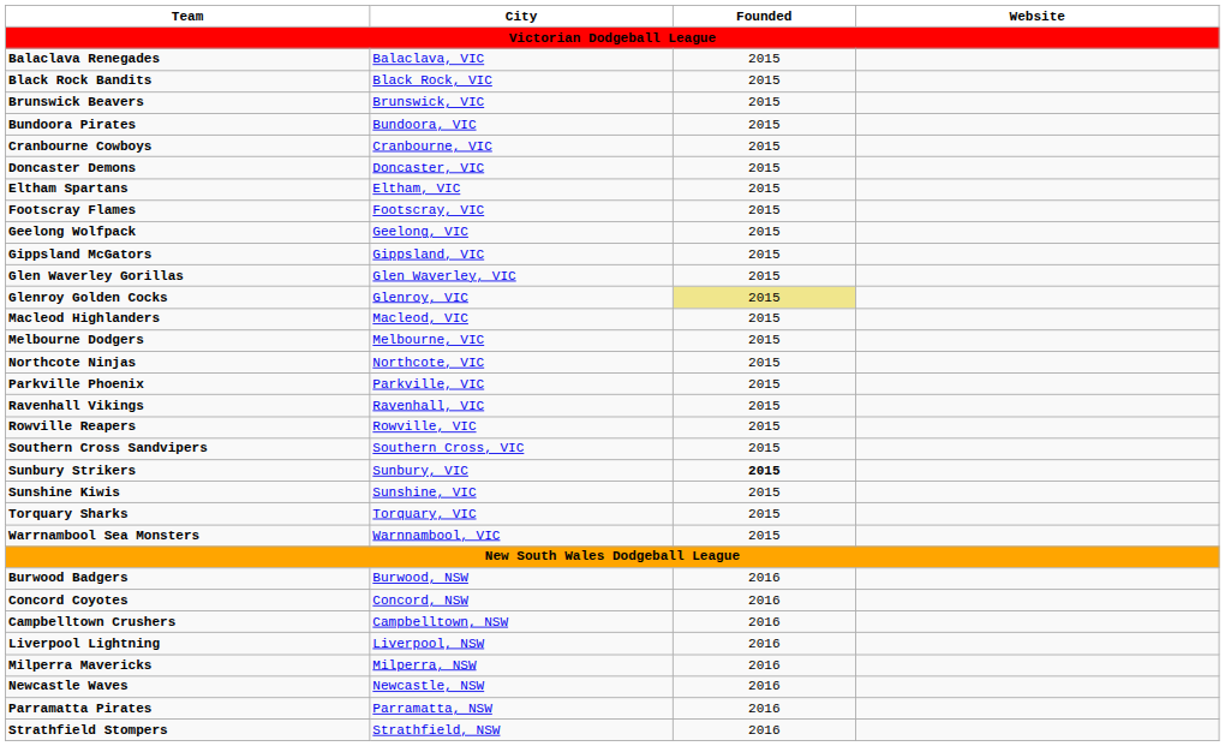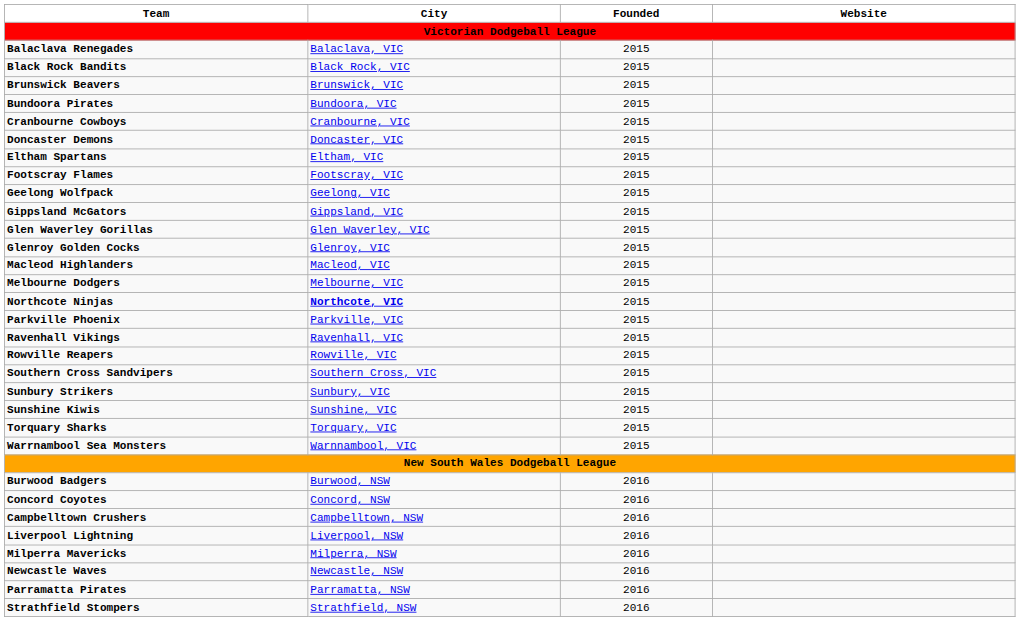 <table style="width:60%; text-align:left" class="wikitable">
 <tr>
 <th style="background:white; width:30%">Team</th>
 <th style="background:white; width:25%">City</th>
 <th style="background:white; width:15%">Founded</th>
 <th style="background:white; width:30%">Website</th>
 </tr>
 <tr>
 <th style="background-color:red" colspan="6"><span>Victorian Dodgeball League</span></th>
 </tr>
 <tr>
 <td><strong>Balaclava Renegades</strong></td>
 <td><a href='#'>Balaclava, VIC</a></td>
 <td align="center">2015</td>
 <td></td>
 </tr>
 <tr>
 <td><strong>Black Rock Bandits</strong></td>
 <td><a href='#'>Black Rock, VIC</a></td>
 <td align="center">2015</td>
 <td></td>
 </tr>
 <tr>
 <td><strong>Brunswick Beavers</strong></td>
 <td><a href='#'>Brunswick, VIC</a></td>
 <td align="center">2015</td>
 <td></td>
 </tr>
 <tr>
 <td><strong>Bundoora Pirates</strong></td>
 <td><a href='#'>Bundoora, VIC</a></td>
 <td align="center">2015</td>
 <td></td>
 </tr>
 <tr>
 <td><strong>Cranbourne Cowboys</strong></td>
 <td><a href='#'>Cranbourne, VIC</a></td>
 <td align="center">2015</td>
 <td></td>
 </tr>
 <tr>
 <td><strong>Doncaster Demons</strong></td>
 <td><a href='#'>Doncaster, VIC</a></td>
 <td align="center">2015</td>
 <td></td>
 </tr>
 <tr>
 <td><strong>Eltham Spartans</strong></td>
 <td><a href='#'>Eltham, VIC</a></td>
 <td align="center">2015</td>
 <td></td>
 </tr>
 <tr>
 <td><strong>Footscray Flames</strong></td>
 <td><a href='#'>Footscray, VIC</a></td>
 <td align="center">2015</td>
 <td></td>
 </tr>
 <tr>
 <td><strong>Geelong Wolfpack</strong></td>
 <td><a href='#'>Geelong, VIC</a></td>
 <td align="center">2015</td>
 <td></td>
 </tr>
 <tr>
 <td><strong>Gippsland McGators</strong></td>
 <td><a href='#'>Gippsland, VIC</a></td>
 <td align="center">2015</td>
 <td></td>
 </tr>
 <tr>
 <td><strong>Glen Waverley Gorillas</strong></td>
 <td><a href='#'>Glen Waverley, VIC</a></td>
 <td align="center">2015</td>
 <td></td>
 </tr>
 <tr>
 <td><strong>Glenroy Golden Cocks</strong></td>
 <td><a href='#'>Glenroy, VIC</a></td>
-<td align="center" style="background: khaki;">2015</td>
+<td align="center">2015</td>
 <td></td>
 </tr>
 <tr>
 <td><strong>Macleod Highlanders</strong></td>
 <td><a href='#'>Macleod, VIC</a></td>
 <td align="center">2015</td>
 <td></td>
 </tr>
 <tr>
 <td><strong>Melbourne Dodgers</strong></td>
 <td><a href='#'>Melbourne, VIC</a></td>
 <td align="center">2015</td>
 <td></td>
 </tr>
 <tr>
 <td><strong>Northcote Ninjas</strong></td>
-<td><a href='#'>Northcote, VIC</a></td>
+<td><strong><a href='#'>Northcote, VIC</a></strong></td>
 <td align="center">2015</td>
 <td></td>
 </tr>
 <tr>
 <td><strong>Parkville Phoenix</strong></td>
 <td><a href='#'>Parkville, VIC</a></td>
 <td align="center">2015</td>
 <td></td>
 </tr>
 <tr>
 <td><strong>Ravenhall Vikings</strong></td>
 <td><a href='#'>Ravenhall, VIC</a></td>
 <td align="center">2015</td>
 <td></td>
 </tr>
 <tr>
 <td><strong>Rowville Reapers</strong></td>
 <td><a href='#'>Rowville, VIC</a></td>
 <td align="center">2015</td>
 <td></td>
 </tr>
 <tr>
 <td><strong>Southern Cross Sandvipers</strong></td>
 <td><a href='#'>Southern Cross, VIC</a></td>
 <td align="center">2015</td>
 <td></td>
 </tr>
 <tr>
 <td><strong>Sunbury Strikers</strong></td>
 <td><a href='#'>Sunbury, VIC</a></td>
-<td align="center"><strong>2015</strong></td>
+<td align="center">2015</td>
 <td></td>
 </tr>
 <tr>
 <td><strong>Sunshine Kiwis</strong></td>
 <td><a href='#'>Sunshine, VIC</a></td>
 <td align="center">2015</td>
 <td></td>
 </tr>
 <tr>
 <td><strong>Torquary Sharks</strong></td>
 <td><a href='#'>Torquary, VIC</a></td>
 <td align="center">2015</td>
 <td></td>
 </tr>
 <tr>
 <td><strong>Warrnambool Sea Monsters</strong></td>
 <td><a href='#'>Warnnambool, VIC</a></td>
 <td align="center">2015</td>
 <td></td>
 </tr>
 <tr>
 <th style="background-color:orange" colspan="6"><span>New South Wales Dodgeball League</span></th>
 </tr>
 <tr>
 <td><strong>Burwood Badgers</strong></td>
 <td><a href='#'>Burwood, NSW</a></td>
 <td align="center">2016</td>
 <td></td>
 </tr>
 <tr>
 <td><strong>Concord Coyotes</strong></td>
 <td><a href='#'>Concord, NSW</a></td>
 <td align="center">2016</td>
 <td></td>
 </tr>
 <tr>
 <td><strong>Campbelltown Crushers</strong></td>
 <td><a href='#'>Campbelltown, NSW</a></td>
 <td align="center">2016</td>
 <td></td>
 </tr>
 <tr>
 <td><strong>Liverpool Lightning</strong></td>
 <td><a href='#'>Liverpool, NSW</a></td>
 <td align="center">2016</td>
 <td></td>
 </tr>
 <tr>
 <td><strong>Milperra Mavericks</strong></td>
 <td><a href='#'>Milperra, NSW</a></td>
 <td align="center">2016</td>
 <td></td>
 </tr>
 <tr>
 <td><strong>Newcastle Waves</strong></td>
 <td><a href='#'>Newcastle, NSW</a></td>
 <td align="center">2016</td>
 <td></td>
 </tr>
 <tr>
 <td><strong>Parramatta Pirates</strong></td>
 <td><a href='#'>Parramatta, NSW</a></td>
 <td align="center">2016</td>
 <td></td>
 </tr>
 <tr>
 <td><strong>Strathfield Stompers</strong></td>
 <td><a href='#'>Strathfield, NSW</a></td>
 <td align="center">2016</td>
 <td></td>
 </tr>
 </table>
